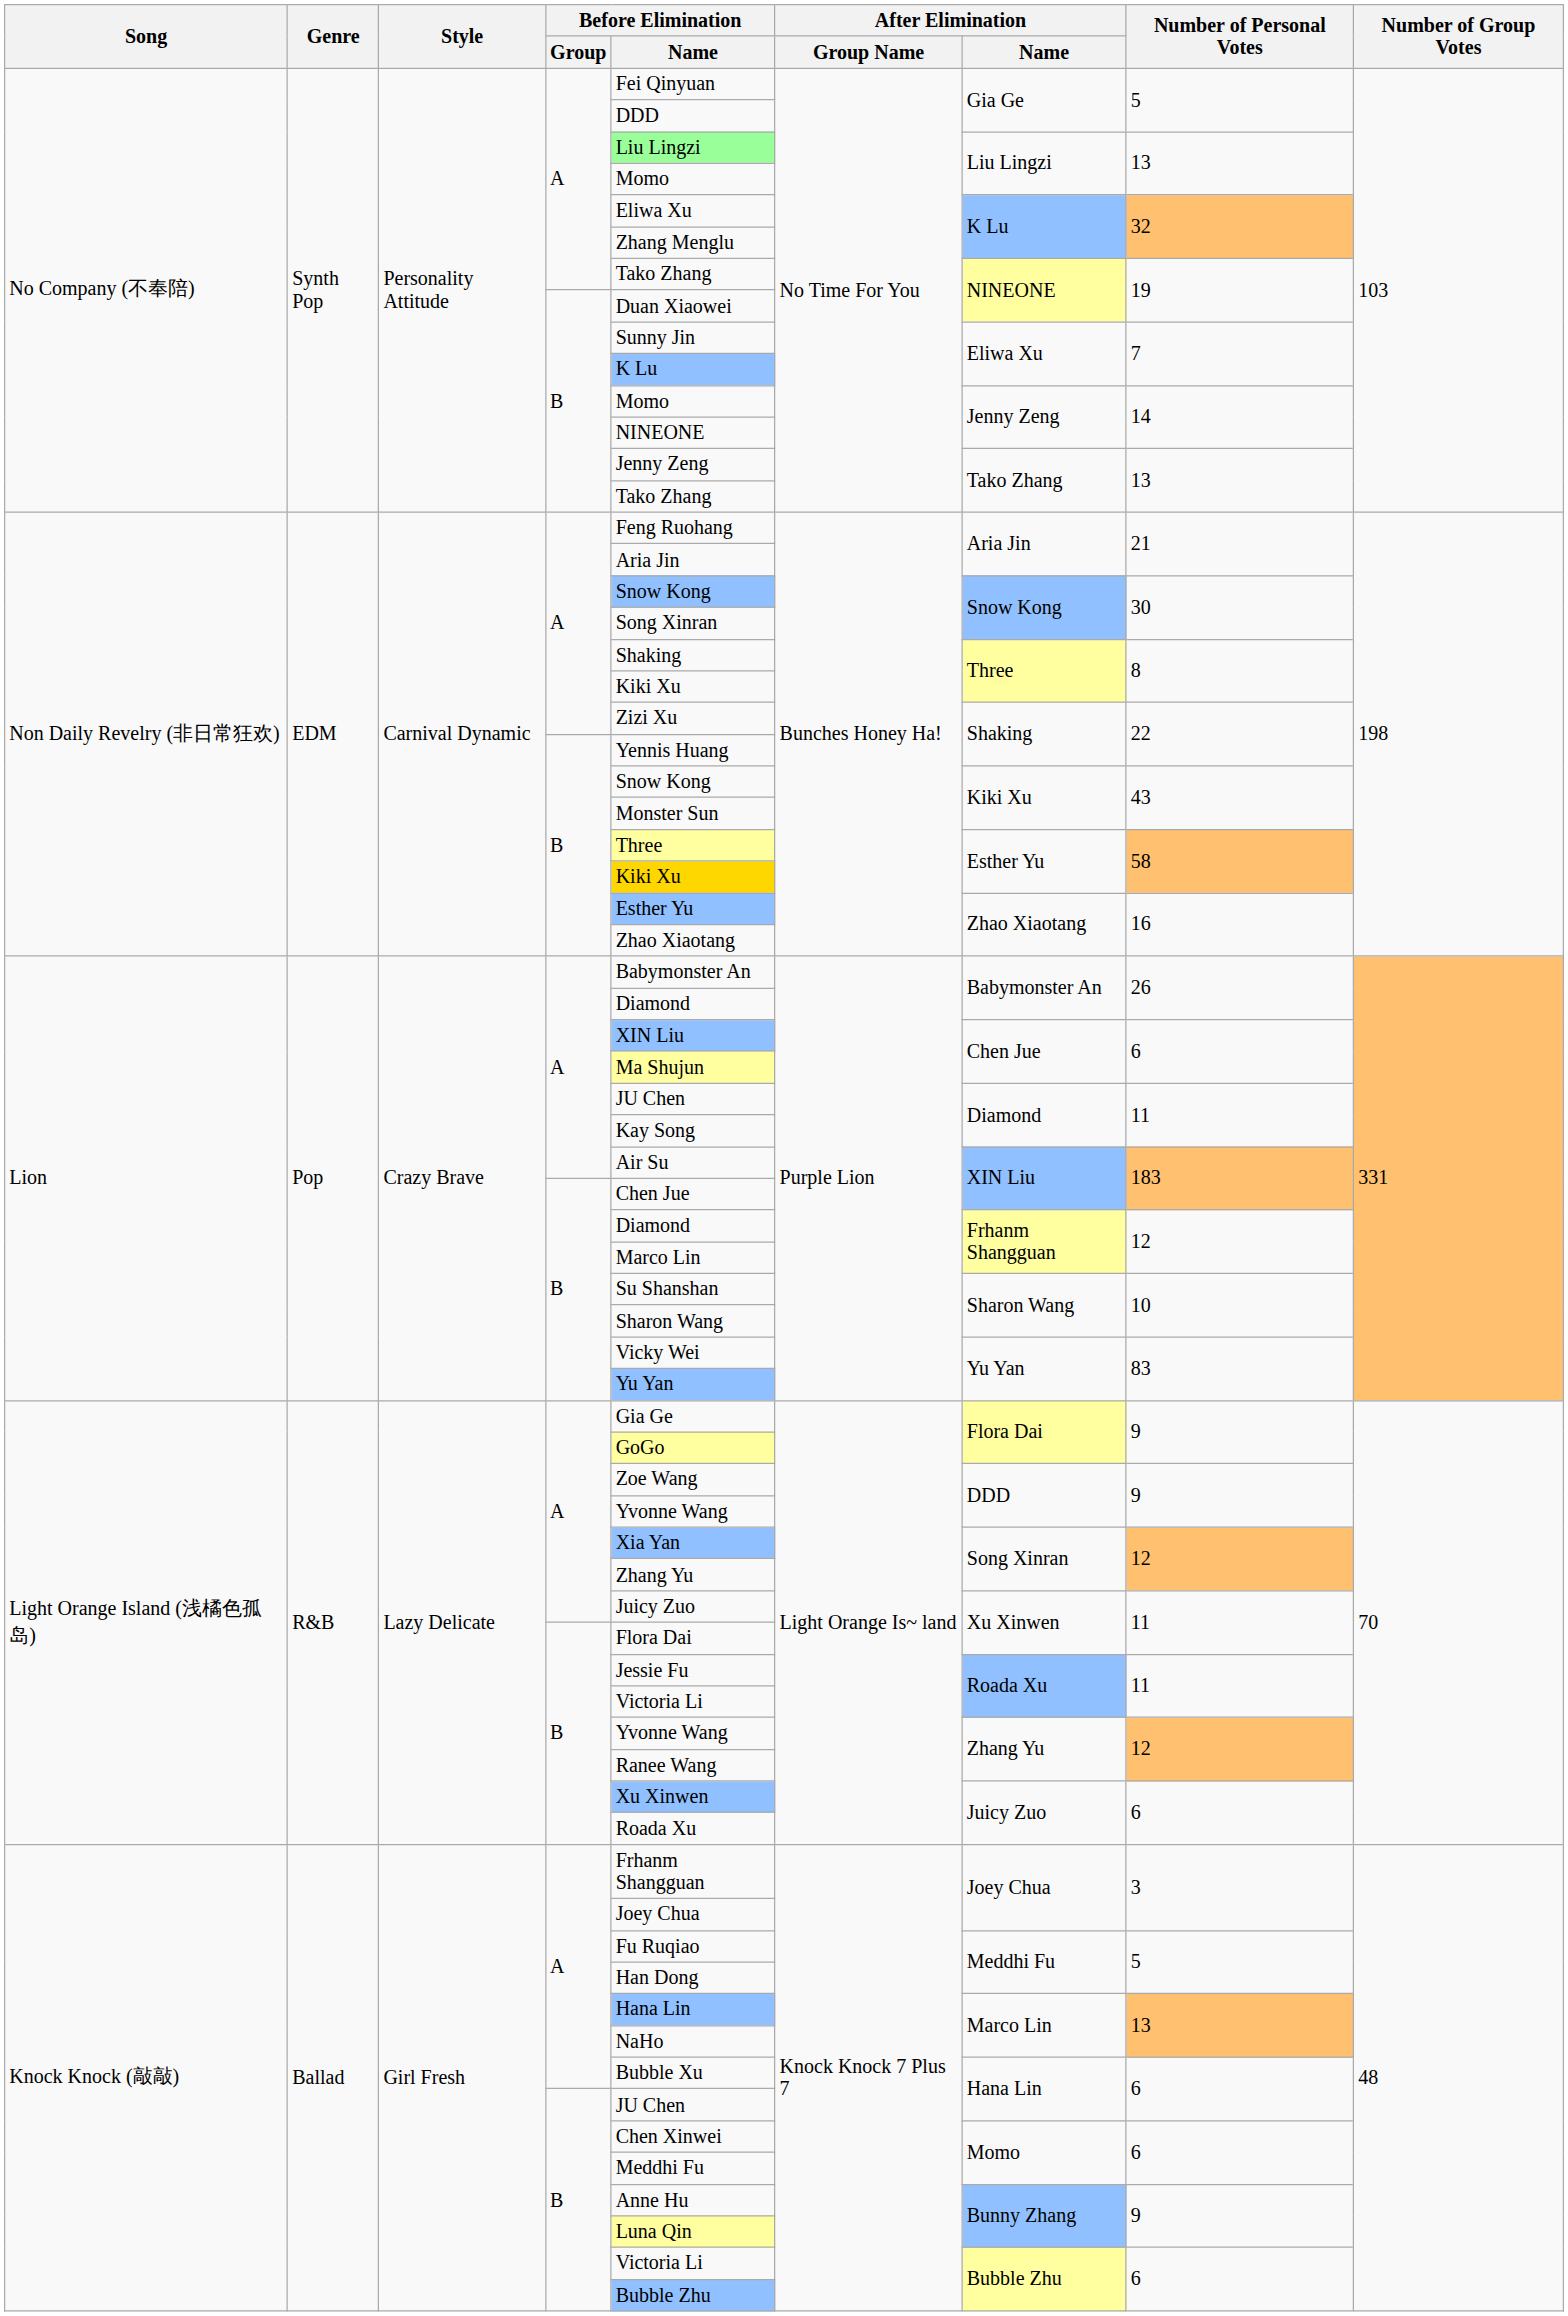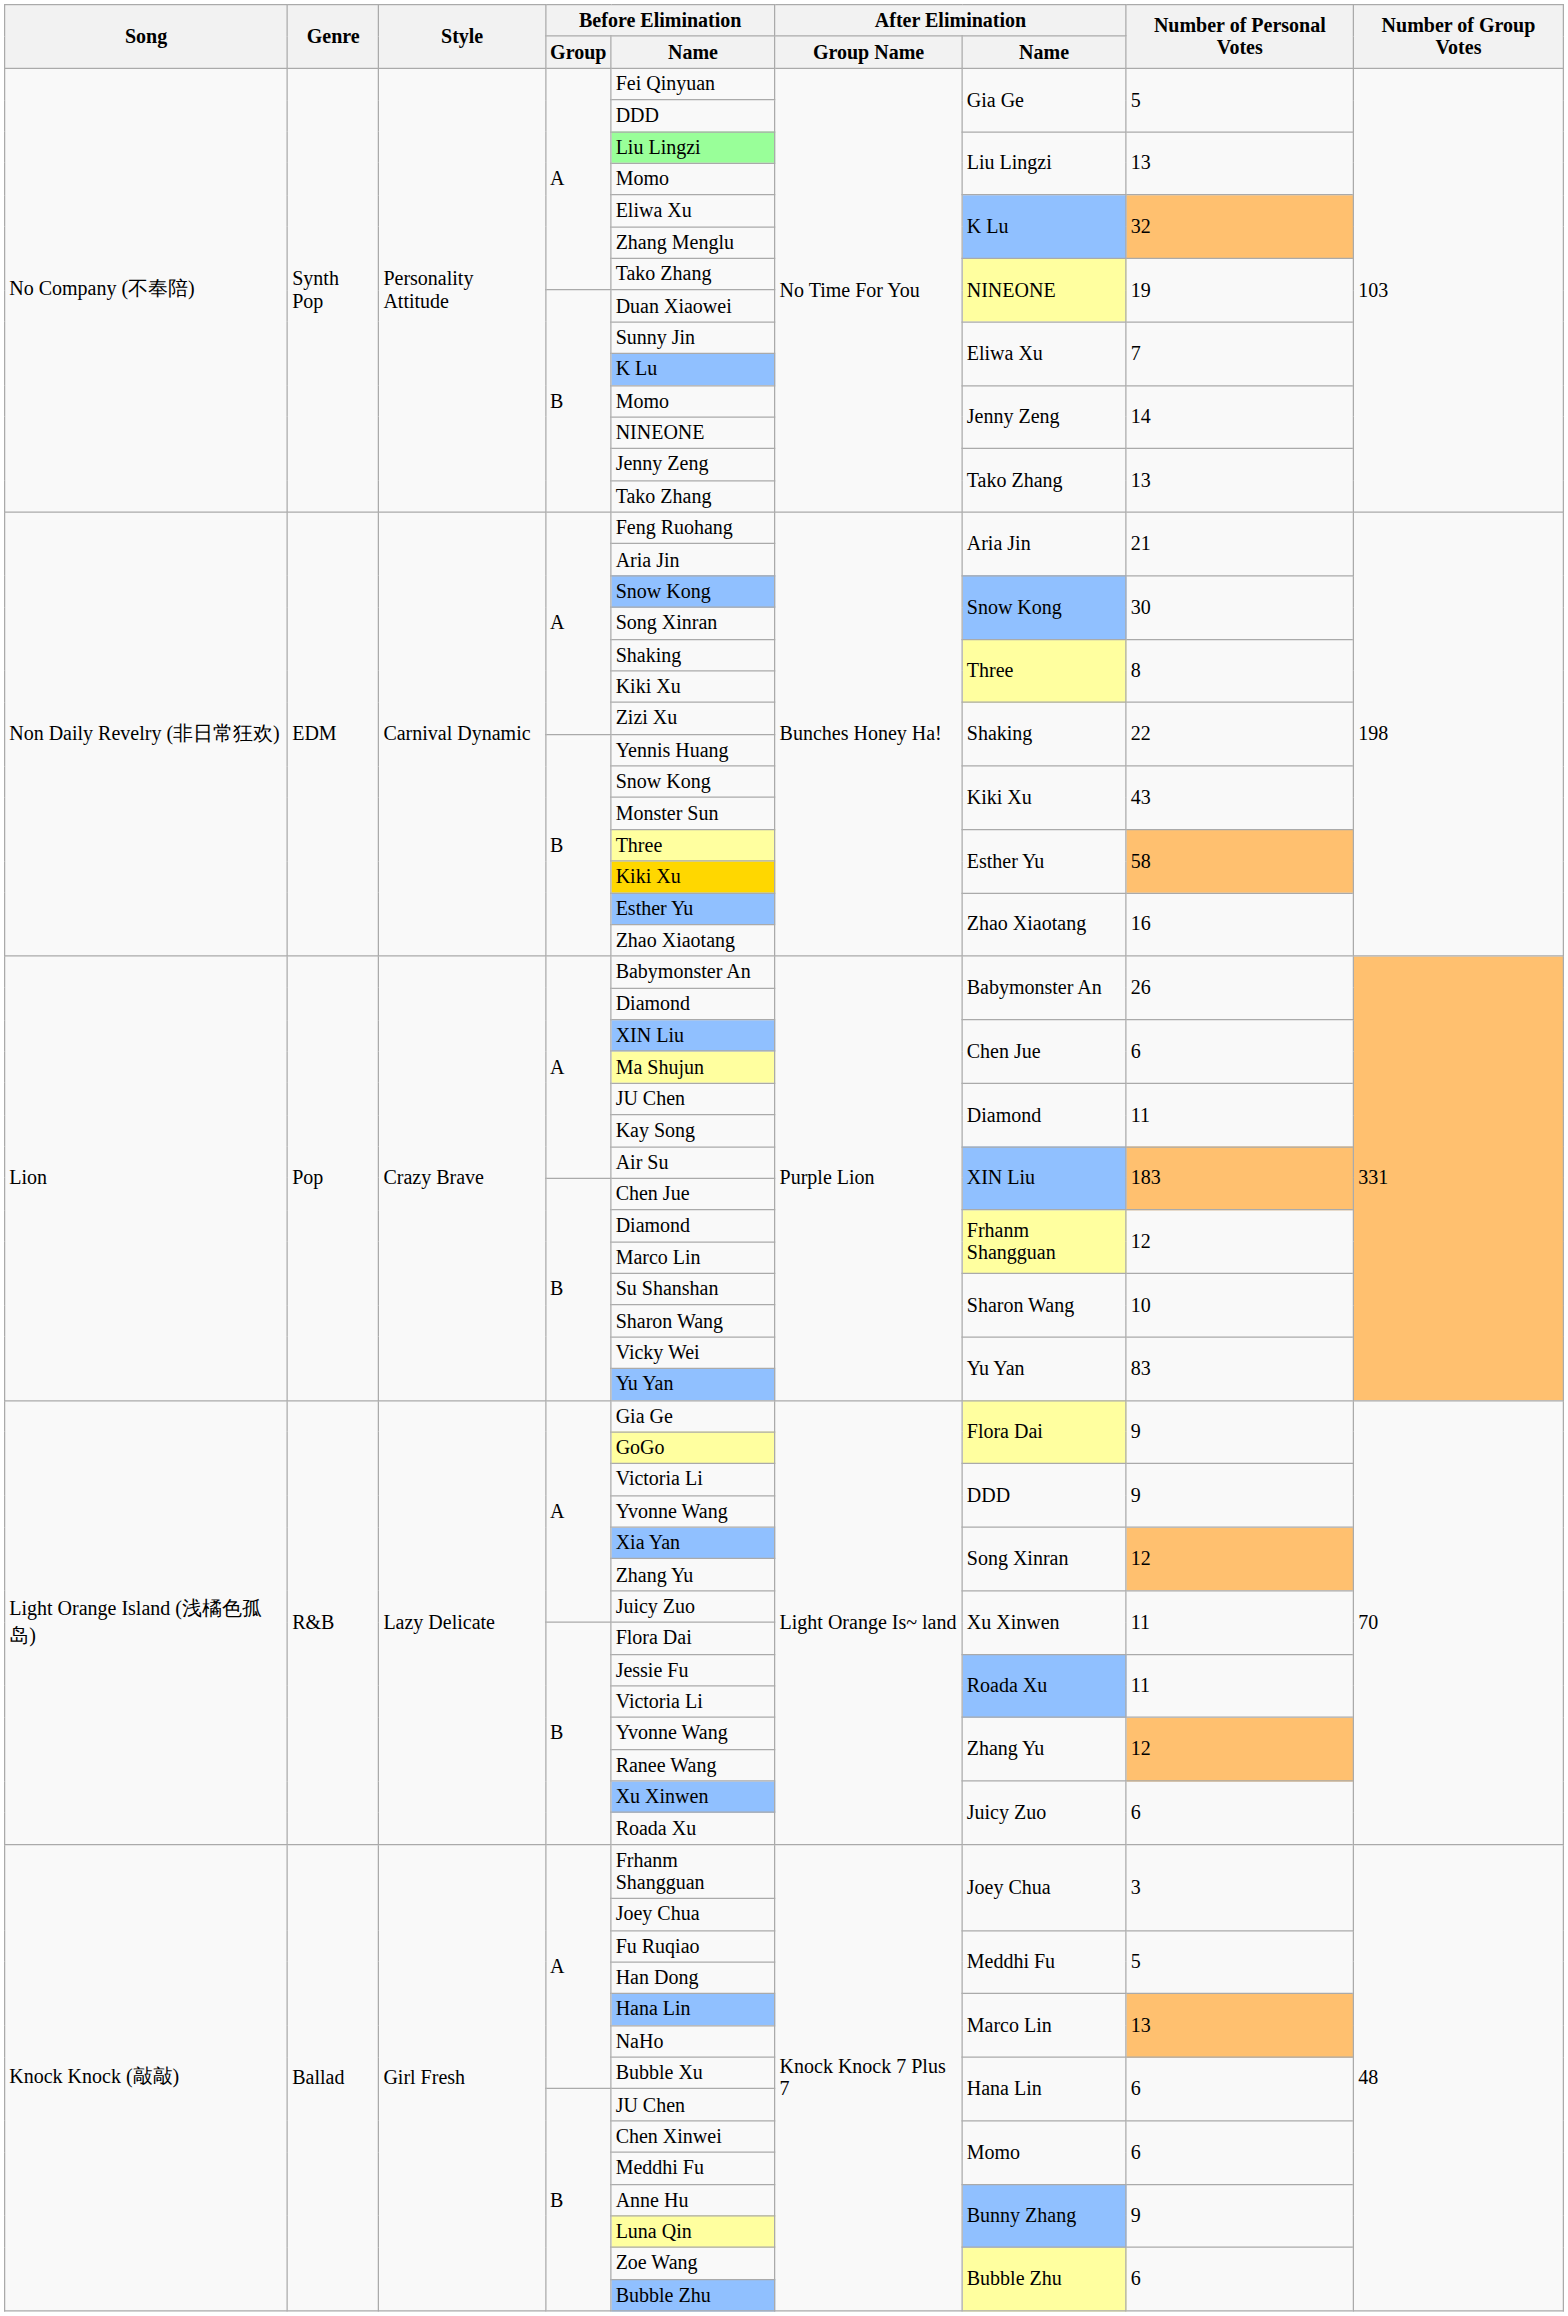 <table class="wikitable sortable">
 <tr>
 <th rowspan="2">Song</th>
 <th rowspan="2">Genre</th>
 <th rowspan="2">Style</th>
 <th colspan="2">Before Elimination</th>
 <th colspan="2">After Elimination</th>
 <th rowspan="2">Number of Personal Votes</th>
 <th rowspan="2">Number of Group Votes</th>
 </tr>
 <tr>
 <th>Group</th>
 <th>Name</th>
 <th>Group Name</th>
 <th>Name</th>
 </tr>
 <tr>
 <td rowspan="14">No Company (不奉陪)</td>
 <td rowspan="14">Synth Pop</td>
 <td rowspan="14">Personality Attitude</td>
 <td rowspan="7">A</td>
 <td>Fei Qinyuan</td>
 <td rowspan="14">No Time For You</td>
 <td rowspan="2">Gia Ge</td>
 <td rowspan="2">5</td>
 <td rowspan="14">103</td>
 </tr>
 <tr>
 <td>DDD</td>
 </tr>
 <tr>
 <td style="background:#99FF99">Liu Lingzi</td>
 <td rowspan="2">Liu Lingzi</td>
 <td rowspan="2">13</td>
 </tr>
 <tr>
 <td>Momo</td>
 </tr>
 <tr>
 <td>Eliwa Xu</td>
 <td rowspan="2" style="background:#90C0FF">K Lu</td>
 <td rowspan="2" style="background:#FFC06F">32</td>
 </tr>
 <tr>
 <td>Zhang Menglu</td>
 </tr>
 <tr>
 <td>Tako Zhang</td>
 <td rowspan="2" style="background:#FFFF9F">NINEONE</td>
 <td rowspan="2">19</td>
 </tr>
 <tr>
 <td rowspan="7">B</td>
 <td>Duan Xiaowei</td>
 </tr>
 <tr>
 <td>Sunny Jin</td>
 <td rowspan="2">Eliwa Xu</td>
 <td rowspan="2">7</td>
 </tr>
 <tr>
 <td style="background:#90C0FF">K Lu</td>
 </tr>
 <tr>
 <td>Momo</td>
 <td rowspan="2">Jenny Zeng</td>
 <td rowspan="2">14</td>
 </tr>
 <tr>
 <td>NINEONE</td>
 </tr>
 <tr>
 <td>Jenny Zeng</td>
 <td rowspan="2">Tako Zhang</td>
 <td rowspan="2">13</td>
 </tr>
 <tr>
 <td>Tako Zhang</td>
 </tr>
 <tr>
 <td rowspan="14">Non Daily Revelry (非日常狂欢)</td>
 <td rowspan="14">EDM</td>
 <td rowspan="14">Carnival Dynamic</td>
 <td rowspan="7">A</td>
 <td>Feng Ruohang</td>
 <td rowspan="14">Bunches Honey Ha!</td>
 <td rowspan="2">Aria Jin</td>
 <td rowspan="2">21</td>
 <td rowspan="14">198</td>
 </tr>
 <tr>
 <td>Aria Jin</td>
 </tr>
 <tr>
 <td style="background:#90C0FF">Snow Kong</td>
 <td rowspan="2" style="background:#90C0FF">Snow Kong</td>
 <td rowspan="2">30</td>
 </tr>
 <tr>
 <td>Song Xinran</td>
 </tr>
 <tr>
 <td>Shaking</td>
 <td rowspan="2" style="background:#FFFF9F">Three</td>
 <td rowspan="2">8</td>
 </tr>
 <tr>
 <td>Kiki Xu</td>
 </tr>
 <tr>
 <td>Zizi Xu</td>
 <td rowspan="2">Shaking</td>
 <td rowspan="2">22</td>
 </tr>
 <tr>
 <td rowspan="7">B</td>
 <td>Yennis Huang</td>
 </tr>
 <tr>
 <td>Snow Kong</td>
 <td rowspan="2">Kiki Xu</td>
 <td rowspan="2">43</td>
 </tr>
 <tr>
 <td>Monster Sun</td>
 </tr>
 <tr>
 <td style="background:#FFFF9F">Three</td>
 <td rowspan="2">Esther Yu</td>
 <td rowspan="2" style="background:#FFC06F">58</td>
 </tr>
 <tr>
 <td style="background: gold;">Kiki Xu</td>
 </tr>
 <tr>
 <td style="background:#90C0FF">Esther Yu</td>
 <td rowspan="2">Zhao Xiaotang</td>
 <td rowspan="2">16</td>
 </tr>
 <tr>
 <td>Zhao Xiaotang</td>
 </tr>
 <tr>
 <td rowspan="14">Lion</td>
 <td rowspan="14">Pop</td>
 <td rowspan="14">Crazy Brave</td>
 <td rowspan="7">A</td>
 <td>Babymonster An</td>
 <td rowspan="14">Purple Lion</td>
 <td rowspan="2">Babymonster An</td>
 <td rowspan="2">26</td>
 <td rowspan="14" style="background:#FFC06F">331</td>
 </tr>
 <tr>
 <td>Diamond</td>
 </tr>
 <tr>
 <td style="background:#90C0FF">XIN Liu</td>
 <td rowspan="2">Chen Jue</td>
 <td rowspan="2">6</td>
 </tr>
 <tr>
 <td style="background:#FFFF9F">Ma Shujun</td>
 </tr>
 <tr>
 <td>JU Chen</td>
 <td rowspan="2">Diamond</td>
 <td rowspan="2">11</td>
 </tr>
 <tr>
 <td>Kay Song</td>
 </tr>
 <tr>
 <td>Air Su</td>
 <td rowspan="2" style="background:#90C0FF">XIN Liu</td>
 <td rowspan="2" style="background:#FFC06F">183</td>
 </tr>
 <tr>
 <td rowspan="7">B</td>
 <td>Chen Jue</td>
 </tr>
 <tr>
 <td>Diamond</td>
 <td rowspan="2" style="background:#FFFF9F">Frhanm Shangguan</td>
 <td rowspan="2">12</td>
 </tr>
 <tr>
 <td>Marco Lin</td>
 </tr>
 <tr>
 <td>Su Shanshan</td>
 <td rowspan="2">Sharon Wang</td>
 <td rowspan="2">10</td>
 </tr>
 <tr>
 <td>Sharon Wang</td>
 </tr>
 <tr>
 <td>Vicky Wei</td>
 <td rowspan="2">Yu Yan</td>
 <td rowspan="2">83</td>
 </tr>
 <tr>
 <td style="background:#90C0FF">Yu Yan</td>
 </tr>
 <tr>
 <td rowspan="14">Light Orange Island (浅橘色孤岛)</td>
 <td rowspan="14">R&B</td>
 <td rowspan="14">Lazy Delicate</td>
 <td rowspan="7">A</td>
 <td>Gia Ge</td>
 <td rowspan="14">Light Orange Is~ land</td>
 <td rowspan="2" style="background:#FFFF9F">Flora Dai</td>
 <td rowspan="2">9</td>
 <td rowspan="14">70</td>
 </tr>
 <tr>
 <td style="background:#FFFF9F">GoGo</td>
 </tr>
 <tr>
-<td>Zoe Wang</td>
+<td>Victoria Li</td>
 <td rowspan="2">DDD</td>
 <td rowspan="2">9</td>
 </tr>
 <tr>
 <td>Yvonne Wang</td>
 </tr>
 <tr>
 <td style="background:#90C0FF">Xia Yan</td>
 <td rowspan="2">Song Xinran</td>
 <td rowspan="2" style="background:#FFC06F">12</td>
 </tr>
 <tr>
 <td>Zhang Yu</td>
 </tr>
 <tr>
 <td>Juicy Zuo</td>
 <td rowspan="2">Xu Xinwen</td>
 <td rowspan="2">11</td>
 </tr>
 <tr>
 <td rowspan="7">B</td>
 <td>Flora Dai</td>
 </tr>
 <tr>
 <td>Jessie Fu</td>
 <td rowspan="2" style="background:#90C0FF">Roada Xu</td>
 <td rowspan="2">11</td>
 </tr>
 <tr>
 <td>Victoria Li</td>
 </tr>
 <tr>
 <td>Yvonne Wang</td>
 <td rowspan="2">Zhang Yu</td>
 <td rowspan="2" style="background:#FFC06F">12</td>
 </tr>
 <tr>
 <td>Ranee Wang</td>
 </tr>
 <tr>
 <td style="background:#90C0FF">Xu Xinwen</td>
 <td rowspan="2">Juicy Zuo</td>
 <td rowspan="2">6</td>
 </tr>
 <tr>
 <td>Roada Xu</td>
 </tr>
 <tr>
 <td rowspan="14">Knock Knock (敲敲)</td>
 <td rowspan="14">Ballad</td>
 <td rowspan="14">Girl Fresh</td>
 <td rowspan="7">A</td>
 <td>Frhanm Shangguan</td>
 <td rowspan="14">Knock Knock 7 Plus 7</td>
 <td rowspan="2">Joey Chua</td>
 <td rowspan="2">3</td>
 <td rowspan="14">48</td>
 </tr>
 <tr>
 <td>Joey Chua</td>
 </tr>
 <tr>
 <td>Fu Ruqiao</td>
 <td rowspan="2">Meddhi Fu</td>
 <td rowspan="2">5</td>
 </tr>
 <tr>
 <td>Han Dong</td>
 </tr>
 <tr>
 <td style="background:#90C0FF">Hana Lin</td>
 <td rowspan="2">Marco Lin</td>
 <td rowspan="2" style="background:#FFC06F">13</td>
 </tr>
 <tr>
 <td>NaHo</td>
 </tr>
 <tr>
 <td>Bubble Xu</td>
 <td rowspan="2">Hana Lin</td>
 <td rowspan="2">6</td>
 </tr>
 <tr>
 <td rowspan="7">B</td>
 <td>JU Chen</td>
 </tr>
 <tr>
 <td>Chen Xinwei</td>
 <td rowspan="2">Momo</td>
 <td rowspan="2">6</td>
 </tr>
 <tr>
 <td>Meddhi Fu</td>
 </tr>
 <tr>
 <td>Anne Hu</td>
 <td rowspan="2" style="background:#90C0FF">Bunny Zhang</td>
 <td rowspan="2">9</td>
 </tr>
 <tr>
 <td style="background:#FFFF9F">Luna Qin</td>
 </tr>
 <tr>
-<td>Victoria Li</td>
+<td>Zoe Wang</td>
 <td rowspan="2" style="background:#FFFF9F">Bubble Zhu</td>
 <td rowspan="2">6</td>
 </tr>
 <tr>
 <td style="background:#90C0FF">Bubble Zhu</td>
 </tr>
 </table>
